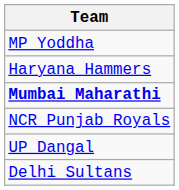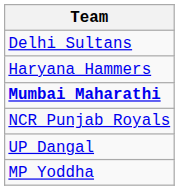 <table class="wikitable sortable">
 <tr>
 <th scope="col">Team</th>
 </tr>
 <tr>
-<td><a href='#'>MP Yoddha</a></td>
+<td><a href='#'>Delhi Sultans</a></td>
 </tr>
 <tr>
 <td><a href='#'>Haryana Hammers</a></td>
 </tr>
 <tr>
 <td><strong><a href='#'>Mumbai Maharathi</a></strong></td>
 </tr>
 <tr>
 <td><a href='#'>NCR Punjab Royals</a></td>
 </tr>
 <tr>
 <td><a href='#'>UP Dangal</a></td>
 </tr>
 <tr>
-<td><a href='#'>Delhi Sultans</a></td>
+<td><a href='#'>MP Yoddha</a></td>
 </tr>
 </table>
